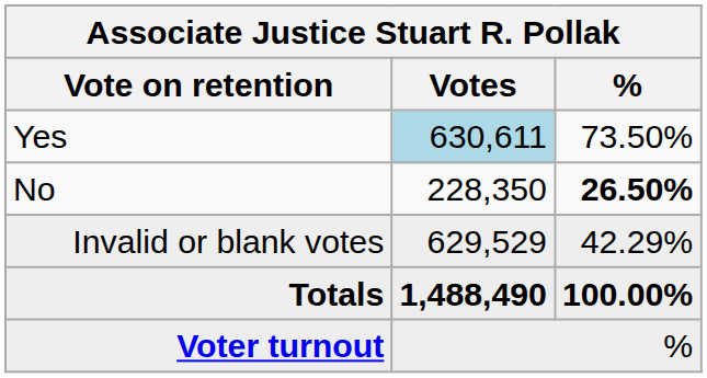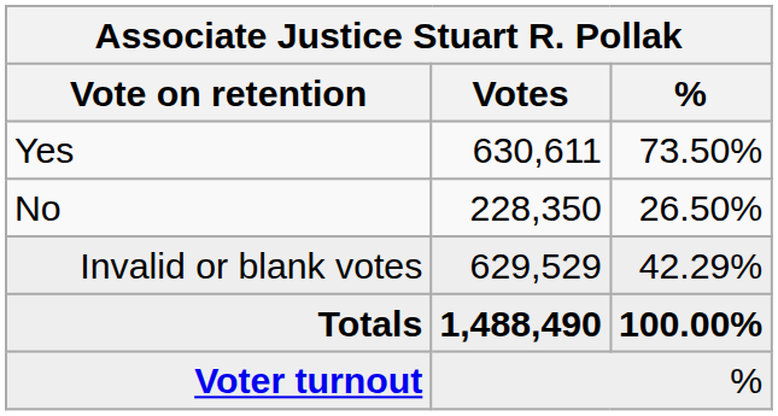 <table class="wikitable" style="font-size: 95%;">
 <tr style="background-color:#E9E9E9">
 <th colspan=7>Associate Justice Stuart R. Pollak</th>
 </tr>
 <tr style="background-color:#E9E9E9">
 <th style="width: 170px">Vote on retention</th>
 <th style="width: 50px">Votes</th>
 <th style="width: 40px">%</th>
 </tr>
 <tr>
 <td>Yes</td>
-<td align="right" style="background: lightblue;">630,611</td>
+<td align="right">630,611</td>
 <td align="right">73.50%</td>
 </tr>
 <tr>
 <td>No</td>
 <td align="right">228,350</td>
-<td align="right"><strong>26.50%</strong></td>
+<td align="right">26.50%</td>
 </tr>
 <tr bgcolor="#EEEEEE">
 <td align="right">Invalid or blank votes</td>
 <td align="right">629,529</td>
 <td align="right">42.29%</td>
 </tr>
 <tr bgcolor="#EEEEEE">
 <td align="right"><strong>Totals</strong></td>
 <td align="right"><strong>1,488,490</strong></td>
 <td align="right"><strong>100.00%</strong></td>
 </tr>
 <tr bgcolor="#EEEEEE">
 <td align="right"><strong><a href='#'>Voter turnout</a></strong></td>
 <td colspan="2" align="right">%</td>
 </tr>
 </table>
